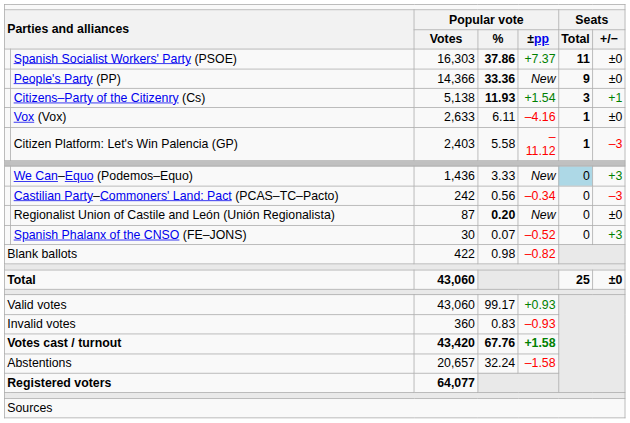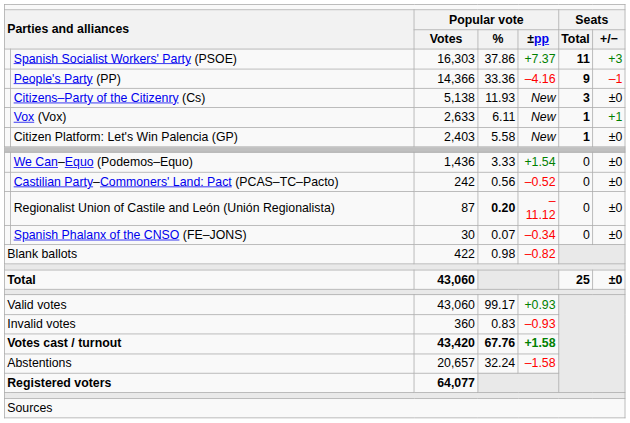 <table class="wikitable" style="text-align:right;">
 <tr>
 <td colspan="7"></td>
 </tr>
 <tr>
 <th style="text-align:left;" rowspan="2" colspan="2" width="525">Parties and alliances</th>
 <th colspan="3">Popular vote</th>
 <th colspan="2">Seats</th>
 </tr>
 <tr>
 <th width="75">Votes</th>
 <th width="45">%</th>
 <th width="45">±<a href='#'>pp</a></th>
 <th width="35">Total</th>
 <th width="35">+/−</th>
 </tr>
 <tr>
 <td width="1" style="color:inherit;background:"></td>
 <td align="left"><a href='#'>Spanish Socialist Workers' Party</a> (PSOE)</td>
 <td>16,303</td>
-<td><strong>37.86</strong></td>
+<td>37.86</td>
 <td style="color:green;">+7.37</td>
 <td><strong>11</strong></td>
-<td>±0</td>
+<td style="color:green;">+3</td>
 </tr>
 <tr>
 <td style="color:inherit;background:"></td>
 <td align="left"><a href='#'>People's Party</a> (PP)</td>
 <td>14,366</td>
-<td><strong>33.36</strong></td>
-<td><em>New</em></td>
+<td>33.36</td>
+<td style="color:red;">–4.16</td>
 <td><strong>9</strong></td>
-<td>±0</td>
+<td style="color:red;">–1</td>
 </tr>
 <tr>
 <td style="color:inherit;background:"></td>
 <td align="left"><a href='#'>Citizens–Party of the Citizenry</a> (Cs)</td>
 <td>5,138</td>
-<td><strong>11.93</strong></td>
-<td style="color:green;">+1.54</td>
+<td>11.93</td>
+<td><em>New</em></td>
 <td><strong>3</strong></td>
-<td style="color:green;">+1</td>
+<td>±0</td>
 </tr>
 <tr>
 <td style="color:inherit;background:"></td>
 <td align="left"><a href='#'>Vox</a> (Vox)</td>
 <td>2,633</td>
 <td>6.11</td>
-<td style="color:red;">–4.16</td>
+<td><em>New</em></td>
 <td><strong>1</strong></td>
-<td>±0</td>
+<td style="color:green;">+1</td>
 </tr>
 <tr>
 <td style="color:inherit;background:"></td>
 <td align="left">Citizen Platform: Let's Win Palencia (GP)</td>
 <td>2,403</td>
 <td>5.58</td>
-<td style="color:red;">–11.12</td>
+<td><em>New</em></td>
 <td><strong>1</strong></td>
-<td style="color:red;">–3</td>
+<td>±0</td>
 </tr>
 <tr>
 <td colspan="7" bgcolor="#C0C0C0"></td>
 </tr>
 <tr>
 <td style="color:inherit;background:"></td>
 <td align="left"><a href='#'>We Can</a>–<a href='#'>Equo</a> (Podemos–Equo)</td>
 <td>1,436</td>
 <td>3.33</td>
-<td><em>New</em></td>
-<td style="background: lightblue;">0</td>
-<td style="color:green;">+3</td>
+<td style="color:green;">+1.54</td>
+<td>0</td>
+<td>±0</td>
 </tr>
 <tr>
 <td style="color:inherit;background:"></td>
 <td align="left"><a href='#'>Castilian Party</a>–<a href='#'>Commoners' Land: Pact</a> (PCAS–TC–Pacto)</td>
 <td>242</td>
 <td>0.56</td>
-<td style="color:red;">–0.34</td>
+<td style="color:red;">–0.52</td>
 <td>0</td>
-<td style="color:red;">–3</td>
+<td>±0</td>
 </tr>
 <tr>
 <td style="color:inherit;background:"></td>
 <td align="left">Regionalist Union of Castile and León (Unión Regionalista)</td>
 <td>87</td>
 <td><strong>0.20</strong></td>
-<td><em>New</em></td>
+<td style="color:red;">–11.12</td>
 <td>0</td>
 <td>±0</td>
 </tr>
 <tr>
 <td style="color:inherit;background:"></td>
 <td align="left"><a href='#'>Spanish Phalanx of the CNSO</a> (FE–JONS)</td>
 <td>30</td>
 <td>0.07</td>
-<td style="color:red;">–0.52</td>
+<td style="color:red;">–0.34</td>
 <td>0</td>
-<td style="color:green;">+3</td>
+<td>±0</td>
 </tr>
 <tr>
 <td align="left" colspan="2">Blank ballots</td>
 <td>422</td>
 <td>0.98</td>
 <td style="color:red;">–0.82</td>
 <td bgcolor="#E9E9E9" colspan="2"></td>
 </tr>
 <tr>
 <td colspan="7" bgcolor="#E9E9E9"></td>
 </tr>
 <tr style="font-weight:bold;">
 <td align="left" colspan="2">Total</td>
 <td>43,060</td>
 <td bgcolor="#E9E9E9" colspan="2"></td>
 <td>25</td>
 <td>±0</td>
 </tr>
 <tr>
 <td colspan="7" bgcolor="#E9E9E9"></td>
 </tr>
 <tr>
 <td align="left" colspan="2">Valid votes</td>
 <td>43,060</td>
 <td>99.17</td>
 <td style="color:green;">+0.93</td>
 <td bgcolor="#E9E9E9" colspan="2" rowspan="5"></td>
 </tr>
 <tr>
 <td align="left" colspan="2">Invalid votes</td>
 <td>360</td>
 <td>0.83</td>
 <td style="color:red;">–0.93</td>
 </tr>
 <tr style="font-weight:bold;">
 <td align="left" colspan="2">Votes cast / turnout</td>
 <td>43,420</td>
 <td>67.76</td>
 <td style="color:green;">+1.58</td>
 </tr>
 <tr>
 <td align="left" colspan="2">Abstentions</td>
 <td>20,657</td>
 <td>32.24</td>
 <td style="color:red;">–1.58</td>
 </tr>
 <tr style="font-weight:bold;">
 <td align="left" colspan="2">Registered voters</td>
 <td>64,077</td>
 <td bgcolor="#E9E9E9" colspan="2"></td>
 </tr>
 <tr>
 <td colspan="7" bgcolor="#E9E9E9"></td>
 </tr>
 <tr>
 <td align="left" colspan="7">Sources</td>
 </tr>
 </table>
